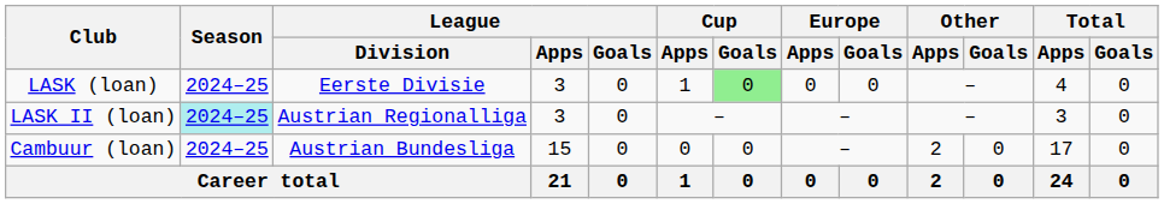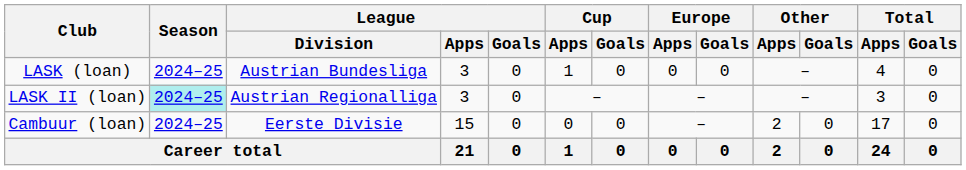 <table class="wikitable" style="text-align:center">
 <tr>
 <th rowspan="2">Club</th>
 <th rowspan="2">Season</th>
 <th colspan="3">League</th>
 <th colspan="2">Cup</th>
 <th colspan="2">Europe</th>
 <th colspan="2">Other</th>
 <th colspan="2">Total</th>
 </tr>
 <tr>
 <th>Division</th>
 <th>Apps</th>
 <th>Goals</th>
 <th>Apps</th>
 <th>Goals</th>
 <th>Apps</th>
 <th>Goals</th>
 <th>Apps</th>
 <th>Goals</th>
 <th>Apps</th>
 <th>Goals</th>
 </tr>
 <tr>
 <td><a href='#'>LASK</a> (loan)</td>
 <td><a href='#'>2024–25</a></td>
-<td><a href='#'>Eerste Divisie</a></td>
+<td><a href='#'>Austrian Bundesliga</a></td>
 <td>3</td>
 <td>0</td>
 <td>1</td>
-<td style="background: lightgreen;">0</td>
+<td>0</td>
 <td>0</td>
 <td>0</td>
 <td colspan=2>–</td>
 <td>4</td>
 <td>0</td>
 </tr>
 <tr>
 <td><a href='#'>LASK II</a> (loan)</td>
 <td style="background: paleturquoise;"><a href='#'>2024–25</a></td>
 <td><a href='#'>Austrian Regionalliga</a></td>
 <td>3</td>
 <td>0</td>
 <td colspan=2>–</td>
 <td colspan=2>–</td>
 <td colspan=2>–</td>
 <td>3</td>
 <td>0</td>
 </tr>
 <tr>
 <td><a href='#'>Cambuur</a> (loan)</td>
 <td><a href='#'>2024–25</a></td>
-<td><a href='#'>Austrian Bundesliga</a></td>
+<td><a href='#'>Eerste Divisie</a></td>
 <td>15</td>
 <td>0</td>
 <td>0</td>
 <td>0</td>
 <td colspan=2>–</td>
 <td>2</td>
 <td>0</td>
 <td>17</td>
 <td>0</td>
 </tr>
 <tr>
 <th colspan="3">Career total</th>
 <th>21</th>
 <th>0</th>
 <th>1</th>
 <th>0</th>
 <th>0</th>
 <th>0</th>
 <th>2</th>
 <th>0</th>
 <th>24</th>
 <th>0</th>
 </tr>
 </table>
